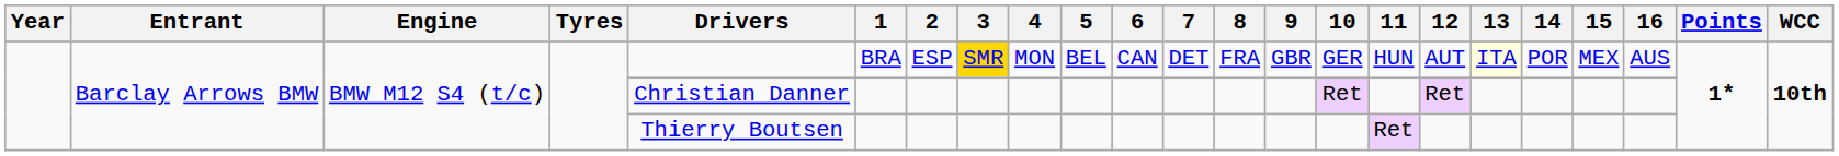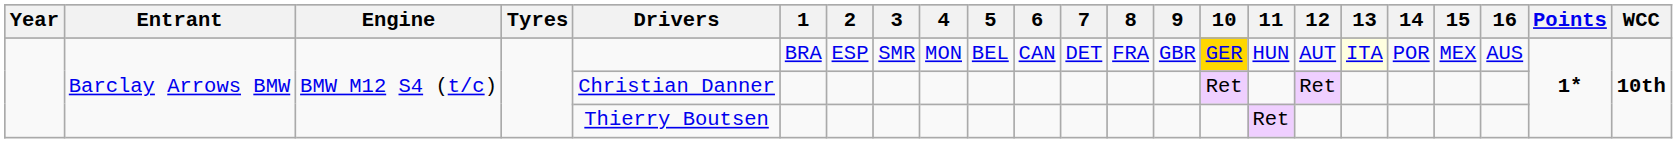 <table class="wikitable" style="text-align:center; font-size:95%">
 <tr>
 <th>Year</th>
 <th>Entrant</th>
 <th>Engine</th>
 <th>Tyres</th>
 <th>Drivers</th>
 <th>1</th>
 <th>2</th>
 <th>3</th>
 <th>4</th>
 <th>5</th>
 <th>6</th>
 <th>7</th>
 <th>8</th>
 <th>9</th>
 <th>10</th>
 <th>11</th>
 <th>12</th>
 <th>13</th>
 <th>14</th>
 <th>15</th>
 <th>16</th>
 <th><a href='#'>Points</a></th>
 <th>WCC</th>
 </tr>
 <tr>
 <td rowspan="3"></td>
 <td rowspan="3"><a href='#'>Barclay</a> <a href='#'>Arrows</a> <a href='#'>BMW</a></td>
 <td rowspan="3"><a href='#'>BMW M12</a> <a href='#'>S4</a> (<a href='#'>t/c</a>)</td>
 <td rowspan="3"></td>
 <td></td>
 <td><a href='#'>BRA</a></td>
 <td><a href='#'>ESP</a></td>
-<td style="background: gold;"><a href='#'>SMR</a></td>
+<td><a href='#'>SMR</a></td>
 <td><a href='#'>MON</a></td>
 <td><a href='#'>BEL</a></td>
 <td><a href='#'>CAN</a></td>
 <td><a href='#'>DET</a></td>
 <td><a href='#'>FRA</a></td>
 <td><a href='#'>GBR</a></td>
-<td><a href='#'>GER</a></td>
+<td style="background: gold;"><a href='#'>GER</a></td>
 <td><a href='#'>HUN</a></td>
 <td><a href='#'>AUT</a></td>
 <td style="background: lightyellow;"><a href='#'>ITA</a></td>
 <td><a href='#'>POR</a></td>
 <td><a href='#'>MEX</a></td>
 <td><a href='#'>AUS</a></td>
 <td rowspan="3"><strong>1*</strong></td>
 <td rowspan="3"><strong>10th</strong></td>
 </tr>
 <tr>
 <td><a href='#'>Christian Danner</a></td>
 <td></td>
 <td></td>
 <td></td>
 <td></td>
 <td></td>
 <td></td>
 <td></td>
 <td></td>
 <td></td>
 <td style="background:#EFCFFF;">Ret</td>
 <td></td>
 <td style="background:#EFCFFF;">Ret</td>
 <td></td>
 <td></td>
 <td></td>
 <td></td>
 </tr>
 <tr>
 <td><a href='#'>Thierry Boutsen</a></td>
 <td></td>
 <td></td>
 <td></td>
 <td></td>
 <td></td>
 <td></td>
 <td></td>
 <td></td>
 <td></td>
 <td></td>
 <td style="background:#EFCFFF;">Ret</td>
 <td></td>
 <td></td>
 <td></td>
 <td></td>
 <td></td>
 </tr>
 </table>
